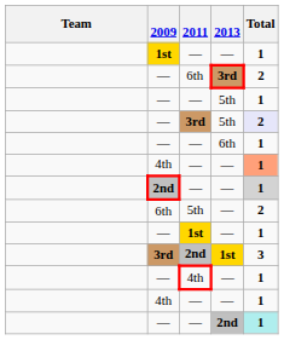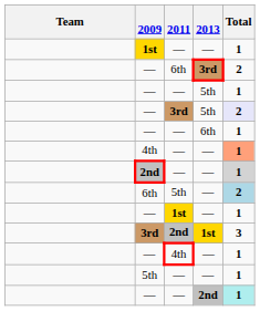 <table class="wikitable" style="text-align:center; font-size:90%">
 <tr>
 <th width=150>Team</th>
 <th><br><a href='#'>2009</a></th>
 <th><br><a href='#'>2011</a></th>
 <th><br><a href='#'>2013</a></th>
 <th>Total</th>
 </tr>
 <tr>
 <td align=left></td>
 <td bgcolor=Gold><strong>1st</strong></td>
 <td>—</td>
 <td>—</td>
 <td><strong>1</strong></td>
 </tr>
 <tr>
 <td align=left></td>
 <td>—</td>
 <td>6th</td>
 <td style="border: 3px solid red" bgcolor=#cc9966><strong>3rd</strong></td>
 <td><strong>2</strong></td>
 </tr>
 <tr>
 <td align=left></td>
 <td>—</td>
 <td>—</td>
 <td>5th</td>
 <td><strong>1</strong></td>
 </tr>
 <tr>
 <td align=left></td>
 <td>—</td>
 <td bgcolor=#cc9966><strong>3rd</strong></td>
 <td>5th</td>
 <td style="background: lavender;"><strong>2</strong></td>
 </tr>
 <tr>
 <td align=left></td>
 <td>—</td>
 <td>—</td>
 <td>6th</td>
 <td><strong>1</strong></td>
 </tr>
 <tr>
 <td align=left></td>
 <td>4th</td>
 <td>—</td>
 <td>—</td>
 <td style="background: lightsalmon;"><strong>1</strong></td>
 </tr>
 <tr>
 <td align=left></td>
 <td style="border: 3px solid red" bgcolor=Silver><strong>2nd</strong></td>
 <td>—</td>
 <td>—</td>
 <td style="background: lightgrey;"><strong>1</strong></td>
 </tr>
 <tr>
 <td align=left></td>
 <td>6th</td>
 <td>5th</td>
 <td>—</td>
-<td><strong>2</strong></td>
+<td style="background: lightblue;"><strong>2</strong></td>
 </tr>
 <tr>
 <td align=left></td>
 <td>—</td>
 <td bgcolor=Gold><strong>1st</strong></td>
 <td>—</td>
 <td><strong>1</strong></td>
 </tr>
 <tr>
 <td align=left></td>
 <td bgcolor=#cc9966><strong>3rd</strong></td>
 <td bgcolor=Silver><strong>2nd</strong></td>
 <td bgcolor=Gold><strong>1st</strong></td>
 <td><strong>3</strong></td>
 </tr>
 <tr>
 <td align=left></td>
 <td>—</td>
 <td style="border: 3px solid red">4th</td>
 <td>—</td>
 <td><strong>1</strong></td>
 </tr>
 <tr>
 <td align=left></td>
-<td>4th</td>
+<td>5th</td>
 <td>—</td>
 <td>—</td>
 <td><strong>1</strong></td>
 </tr>
 <tr>
 <td align=left></td>
 <td>—</td>
 <td>—</td>
 <td bgcolor=Silver><strong>2nd</strong></td>
 <td style="background: paleturquoise;"><strong>1</strong></td>
 </tr>
 </table>
